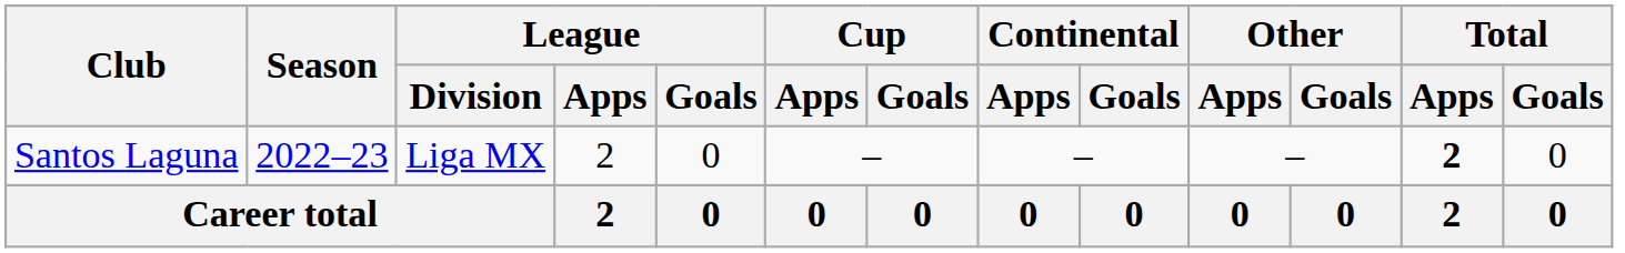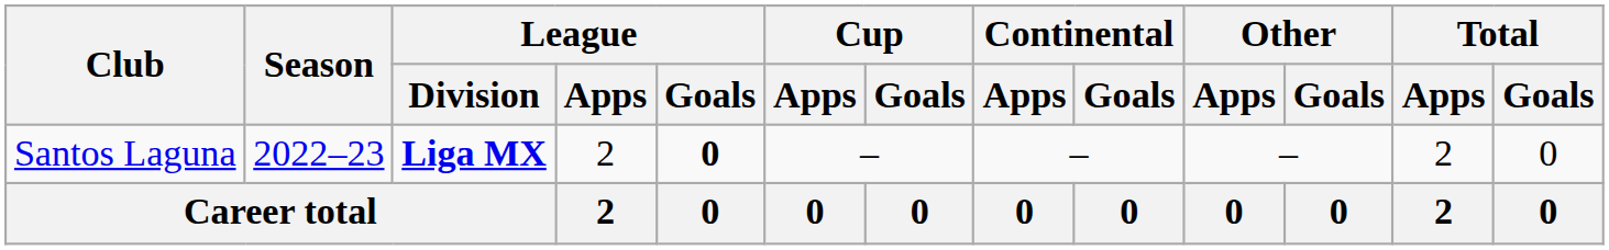 <table class="wikitable" style="text-align: center">
 <tr>
 <th rowspan="2">Club</th>
 <th rowspan="2">Season</th>
 <th colspan="3">League</th>
 <th colspan="2">Cup</th>
 <th colspan="2">Continental</th>
 <th colspan="2">Other</th>
 <th colspan="2">Total</th>
 </tr>
 <tr>
 <th>Division</th>
 <th>Apps</th>
 <th>Goals</th>
 <th>Apps</th>
 <th>Goals</th>
 <th>Apps</th>
 <th>Goals</th>
 <th>Apps</th>
 <th>Goals</th>
 <th>Apps</th>
 <th>Goals</th>
 </tr>
 <tr>
 <td rowspan="1"><a href='#'>Santos Laguna</a></td>
 <td><a href='#'>2022–23</a></td>
-<td rowspan="1"><a href='#'>Liga MX</a></td>
+<td rowspan="1"><strong><a href='#'>Liga MX</a></strong></td>
 <td>2</td>
-<td>0</td>
+<td><strong>0</strong></td>
 <td colspan="2">–</td>
 <td colspan="2">–</td>
 <td colspan="2">–</td>
-<td><strong>2</strong></td>
+<td>2</td>
 <td>0</td>
 </tr>
 <tr>
 <th colspan="3">Career total</th>
 <th>2</th>
 <th>0</th>
 <th>0</th>
 <th>0</th>
 <th>0</th>
 <th>0</th>
 <th>0</th>
 <th>0</th>
 <th>2</th>
 <th>0</th>
 </tr>
 </table>
